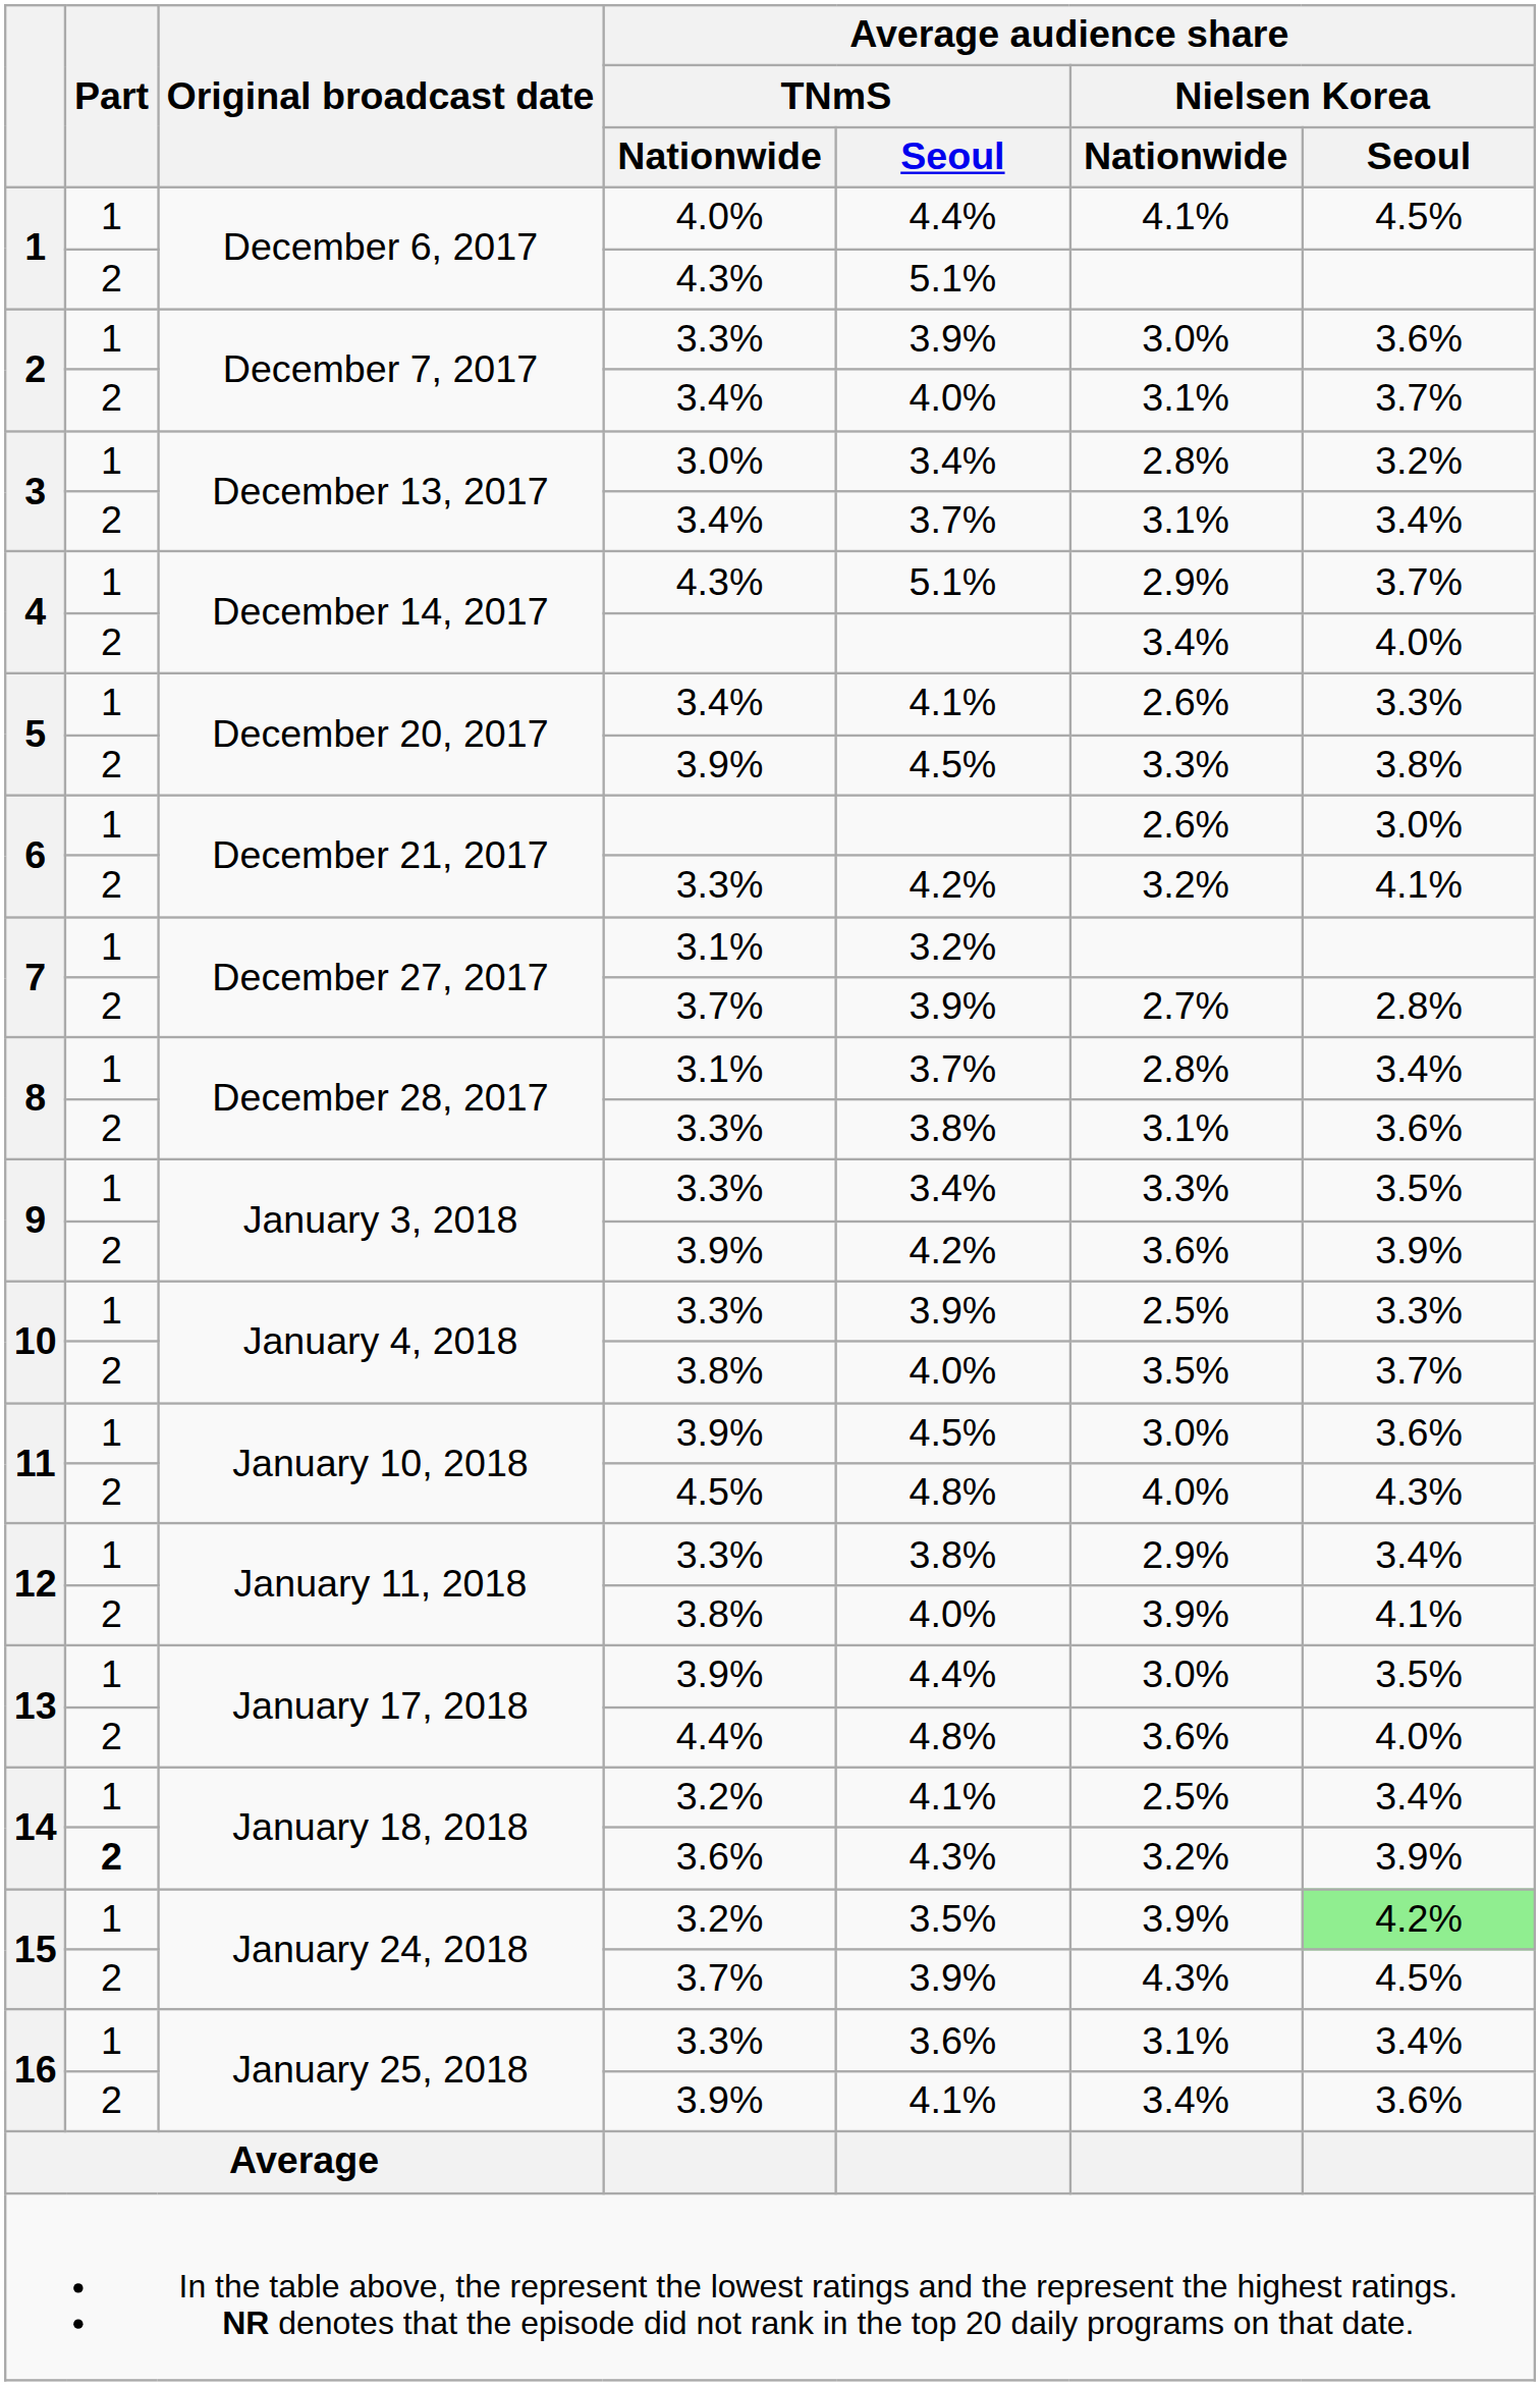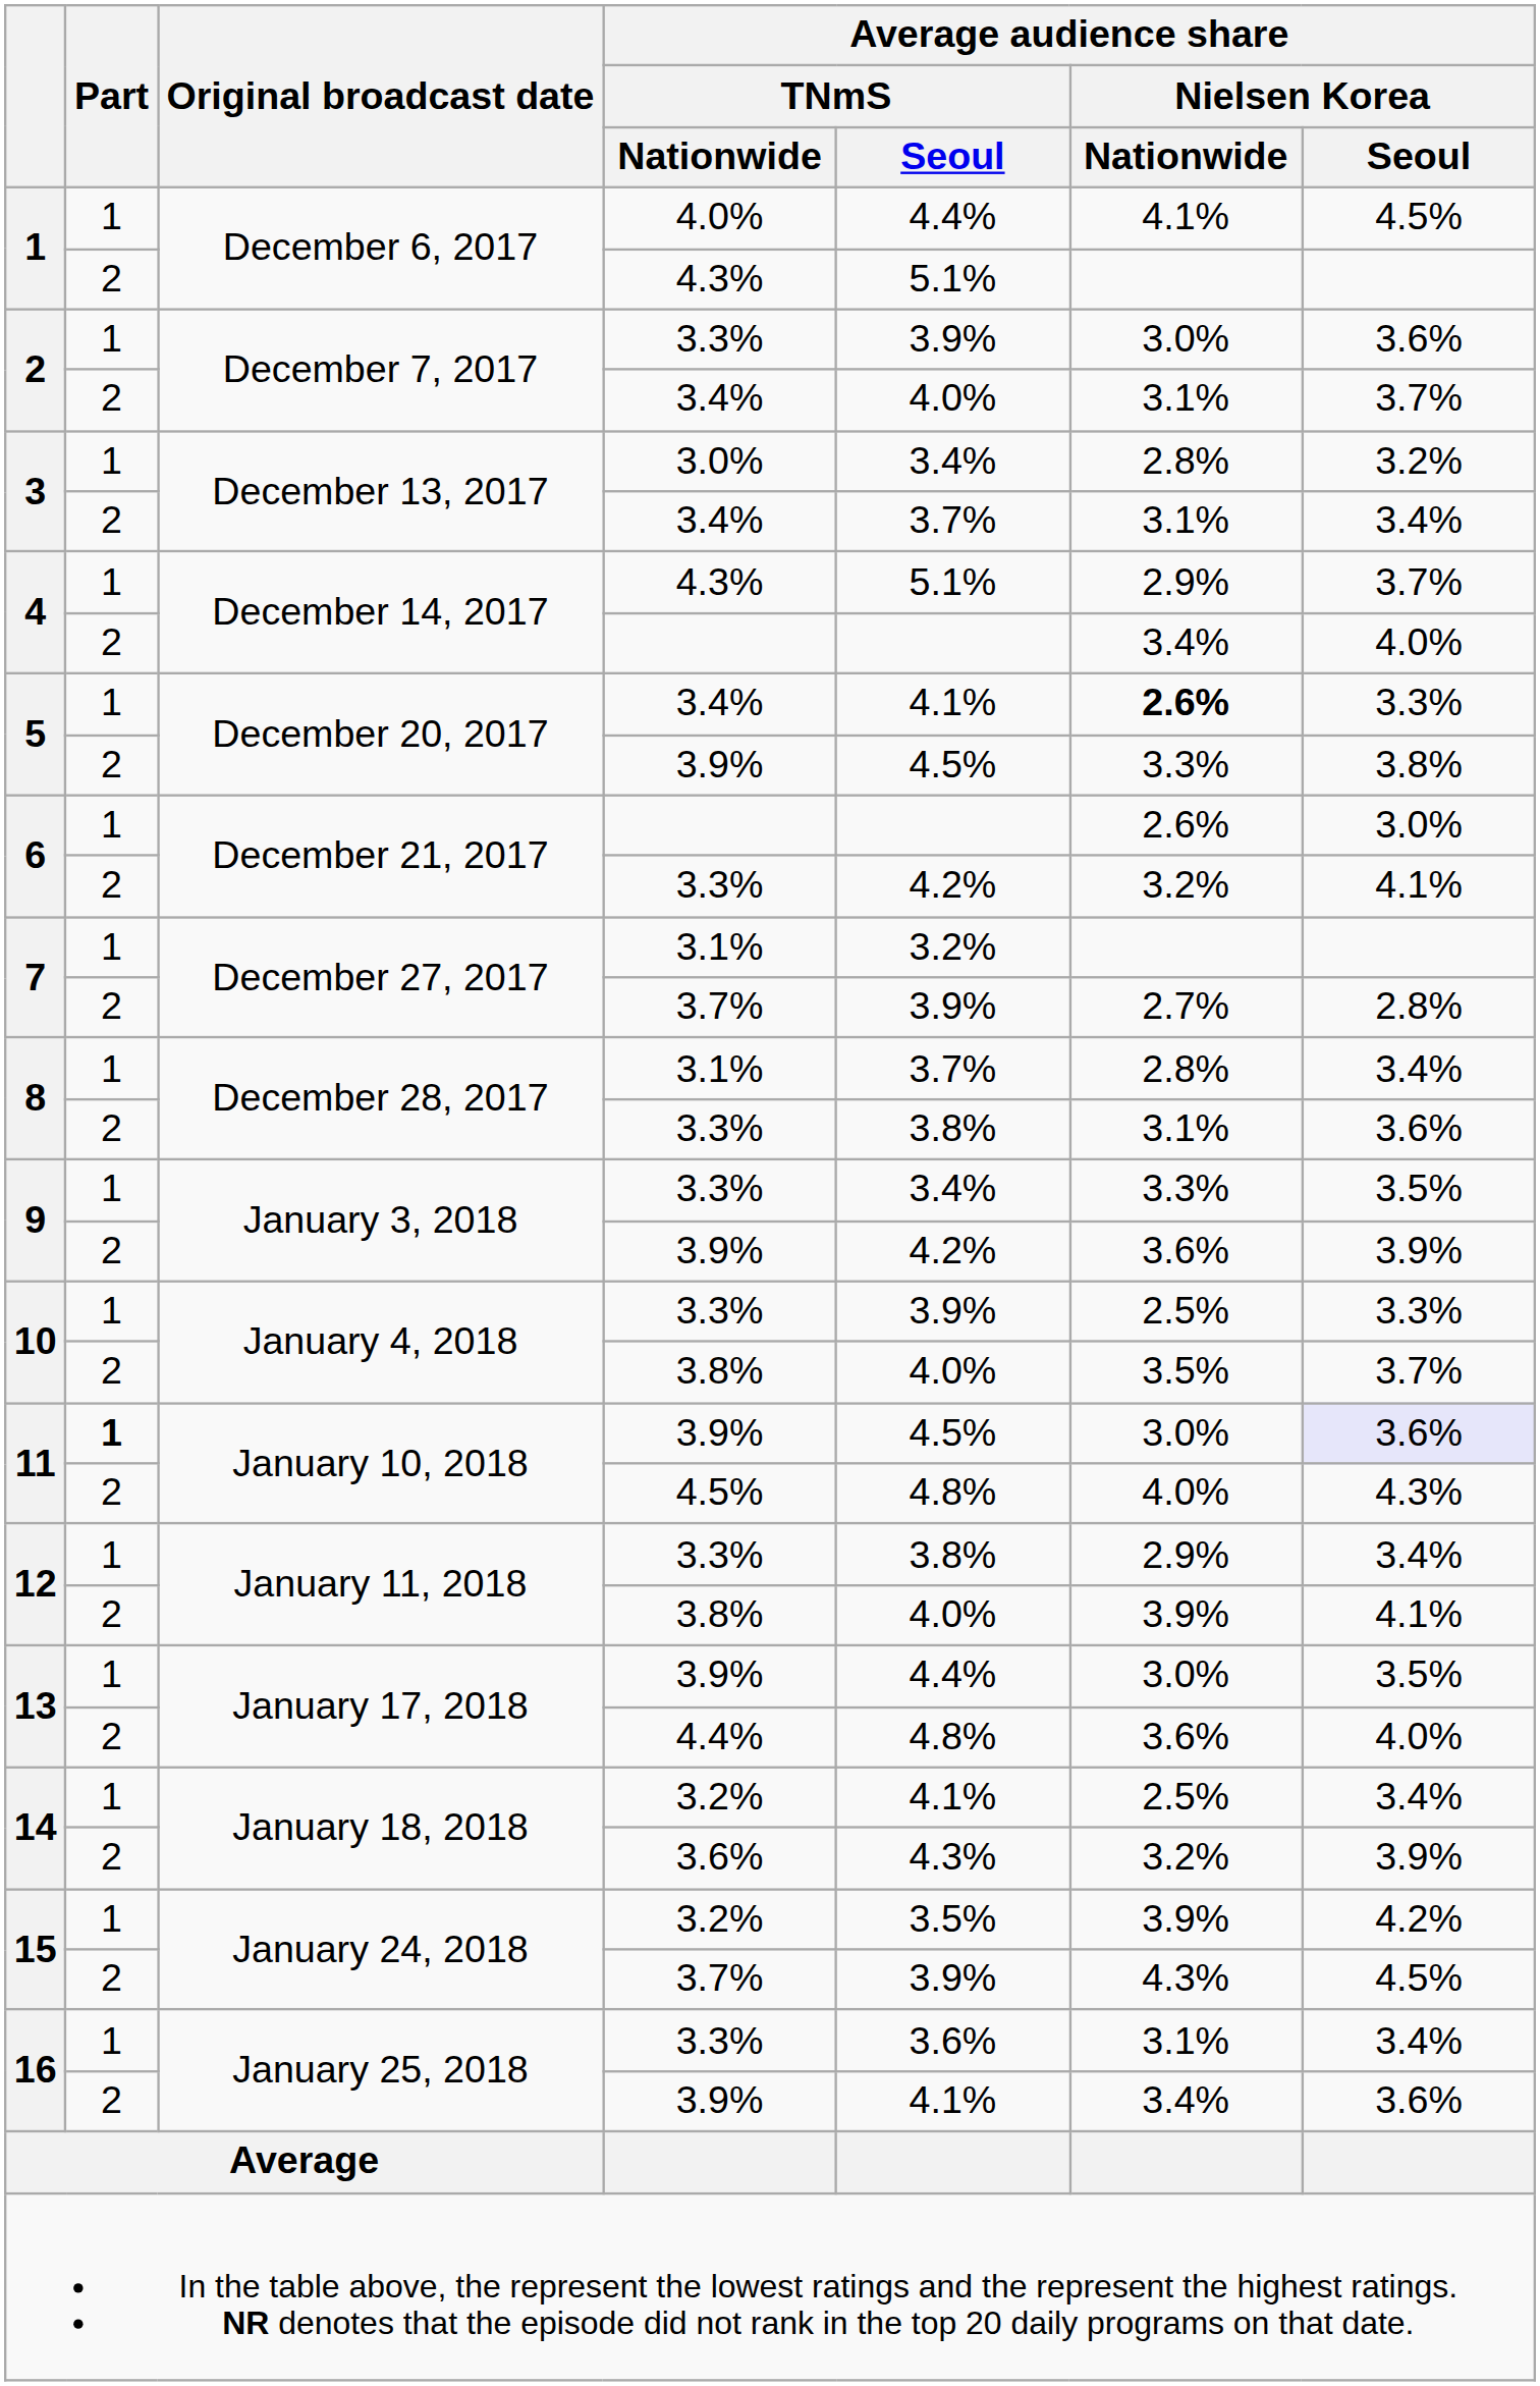 <table class="wikitable" style="text-align:center">
 <tr>
 <th rowspan="3"></th>
 <th rowspan="3">Part</th>
 <th rowspan="3">Original broadcast date</th>
 <th colspan="4">Average audience share</th>
 </tr>
 <tr>
 <th colspan="2">TNmS</th>
 <th colspan="2">Nielsen Korea</th>
 </tr>
 <tr>
 <th width="90">Nationwide</th>
 <th width="90"><a href='#'>Seoul</a></th>
 <th width="90">Nationwide</th>
 <th width="90">Seoul</th>
 </tr>
 <tr>
 <th rowspan="2">1</th>
 <td>1</td>
 <td rowspan="2">December 6, 2017</td>
 <td>4.0% </td>
 <td>4.4% </td>
 <td>4.1% </td>
 <td>4.5% </td>
 </tr>
 <tr>
 <td>2</td>
 <td>4.3% </td>
 <td>5.1% </td>
 <td> </td>
 <td> </td>
 </tr>
 <tr>
 <th rowspan="2">2</th>
 <td>1</td>
 <td rowspan="2">December 7, 2017</td>
 <td>3.3% </td>
 <td>3.9% </td>
 <td>3.0% </td>
 <td>3.6% </td>
 </tr>
 <tr>
 <td>2</td>
 <td>3.4% </td>
 <td>4.0% </td>
 <td>3.1% </td>
 <td>3.7% </td>
 </tr>
 <tr>
 <th rowspan="2">3</th>
 <td>1</td>
 <td rowspan="2">December 13, 2017</td>
 <td>3.0% </td>
 <td>3.4% </td>
 <td>2.8% </td>
 <td>3.2% </td>
 </tr>
 <tr>
 <td>2</td>
 <td>3.4% </td>
 <td>3.7% </td>
 <td>3.1% </td>
 <td>3.4% </td>
 </tr>
 <tr>
 <th rowspan="2">4</th>
 <td>1</td>
 <td rowspan="2">December 14, 2017</td>
 <td>4.3% </td>
 <td>5.1% </td>
 <td>2.9% </td>
 <td>3.7% </td>
 </tr>
 <tr>
 <td>2</td>
 <td> </td>
 <td> </td>
 <td>3.4% </td>
 <td>4.0% </td>
 </tr>
 <tr>
 <th rowspan="2">5</th>
 <td>1</td>
 <td rowspan="2">December 20, 2017</td>
 <td>3.4% </td>
 <td>4.1% </td>
-<td>2.6% </td>
+<td><strong>2.6% </strong></td>
 <td>3.3% </td>
 </tr>
 <tr>
 <td>2</td>
 <td>3.9% </td>
 <td>4.5% </td>
 <td>3.3% </td>
 <td>3.8% </td>
 </tr>
 <tr>
 <th rowspan="2">6</th>
 <td>1</td>
 <td rowspan="2">December 21, 2017</td>
 <td> </td>
 <td> </td>
 <td>2.6% </td>
 <td>3.0% </td>
 </tr>
 <tr>
 <td>2</td>
 <td>3.3% </td>
 <td>4.2% </td>
 <td>3.2% </td>
 <td>4.1% </td>
 </tr>
 <tr>
 <th rowspan="2">7</th>
 <td>1</td>
 <td rowspan="2">December 27, 2017</td>
 <td>3.1% </td>
 <td>3.2% </td>
 <td> </td>
 <td> </td>
 </tr>
 <tr>
 <td>2</td>
 <td>3.7% </td>
 <td>3.9% </td>
 <td>2.7% </td>
 <td>2.8% </td>
 </tr>
 <tr>
 <th rowspan="2">8</th>
 <td>1</td>
 <td rowspan="2">December 28, 2017</td>
 <td>3.1% </td>
 <td>3.7% </td>
 <td>2.8% </td>
 <td>3.4% </td>
 </tr>
 <tr>
 <td>2</td>
 <td>3.3% </td>
 <td>3.8% </td>
 <td>3.1% </td>
 <td>3.6% </td>
 </tr>
 <tr>
 <th rowspan="2">9</th>
 <td>1</td>
 <td rowspan="2">January 3, 2018</td>
 <td>3.3% </td>
 <td>3.4% </td>
 <td>3.3% </td>
 <td>3.5% </td>
 </tr>
 <tr>
 <td>2</td>
 <td>3.9% </td>
 <td>4.2% </td>
 <td>3.6% </td>
 <td>3.9% </td>
 </tr>
 <tr>
 <th rowspan="2">10</th>
 <td>1</td>
 <td rowspan="2">January 4, 2018</td>
 <td>3.3% </td>
 <td>3.9% </td>
 <td>2.5% </td>
 <td>3.3% </td>
 </tr>
 <tr>
 <td>2</td>
 <td>3.8% </td>
 <td>4.0% </td>
 <td>3.5% </td>
 <td>3.7% </td>
 </tr>
 <tr>
 <th rowspan="2">11</th>
-<td>1</td>
+<td><strong>1</strong></td>
 <td rowspan="2">January 10, 2018</td>
 <td>3.9% </td>
 <td>4.5% </td>
 <td>3.0% </td>
-<td>3.6% </td>
+<td style="background: lavender;">3.6% </td>
 </tr>
 <tr>
 <td>2</td>
 <td>4.5% </td>
 <td>4.8% </td>
 <td>4.0% </td>
 <td>4.3% </td>
 </tr>
 <tr>
 <th rowspan="2">12</th>
 <td>1</td>
 <td rowspan="2">January 11, 2018</td>
 <td>3.3% </td>
 <td>3.8% </td>
 <td>2.9% </td>
 <td>3.4% </td>
 </tr>
 <tr>
 <td>2</td>
 <td>3.8% </td>
 <td>4.0% </td>
 <td>3.9% </td>
 <td>4.1% </td>
 </tr>
 <tr>
 <th rowspan="2">13</th>
 <td>1</td>
 <td rowspan="2">January 17, 2018</td>
 <td>3.9% </td>
 <td>4.4% </td>
 <td>3.0% </td>
 <td>3.5% </td>
 </tr>
 <tr>
 <td>2</td>
 <td>4.4% </td>
 <td>4.8% </td>
 <td>3.6% </td>
 <td>4.0% </td>
 </tr>
 <tr>
 <th rowspan="2">14</th>
 <td>1</td>
 <td rowspan="2">January 18, 2018</td>
 <td>3.2% </td>
 <td>4.1% </td>
 <td>2.5% </td>
 <td>3.4% </td>
 </tr>
 <tr>
-<td><strong>2</strong></td>
+<td>2</td>
 <td>3.6% </td>
 <td>4.3% </td>
 <td>3.2% </td>
 <td>3.9% </td>
 </tr>
 <tr>
 <th rowspan="2">15</th>
 <td>1</td>
 <td rowspan="2">January 24, 2018</td>
 <td>3.2% </td>
 <td>3.5% </td>
 <td>3.9% </td>
-<td style="background: lightgreen;">4.2% </td>
+<td>4.2% </td>
 </tr>
 <tr>
 <td>2</td>
 <td>3.7% </td>
 <td>3.9% </td>
 <td>4.3% </td>
 <td>4.5% </td>
 </tr>
 <tr>
 <th rowspan="2">16</th>
 <td>1</td>
 <td rowspan="2">January 25, 2018</td>
 <td>3.3% </td>
 <td>3.6% </td>
 <td>3.1% </td>
 <td>3.4% </td>
 </tr>
 <tr>
 <td>2</td>
 <td>3.9% </td>
 <td>4.1% </td>
 <td>3.4% </td>
 <td>3.6% </td>
 </tr>
 <tr>
 <th colspan="3">Average</th>
 <th></th>
 <th></th>
 <th></th>
 <th></th>
 </tr>
 <tr>
 <td colspan="7" style="font-size:85%"><br><ul><li>In the table above, the  represent the lowest ratings and the  represent the highest ratings.</li><li><strong>NR</strong> denotes that the episode did not rank in the top 20 daily programs on that date.</li></ul></td>
 </tr>
 </table>
